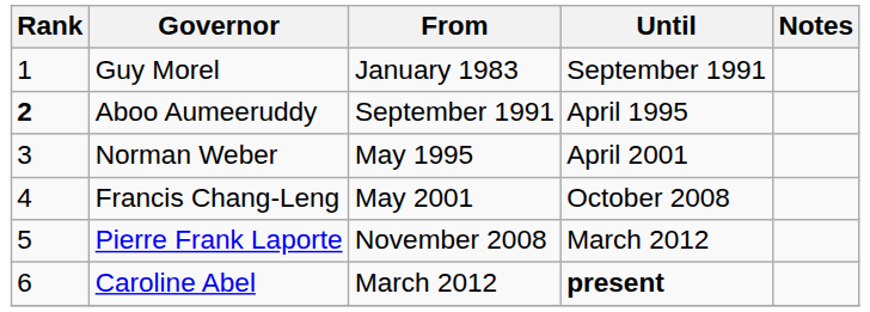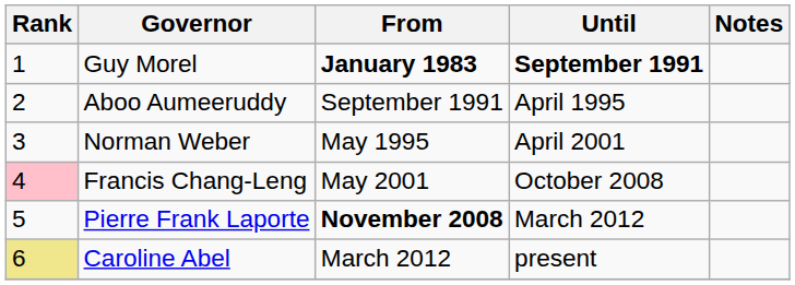 <table class="wikitable sortable" style="margin: 0.5em auto">
 <tr>
 <th>Rank</th>
 <th>Governor</th>
 <th>From</th>
 <th>Until</th>
 <th>Notes</th>
 </tr>
 <tr>
 <td>1</td>
 <td>Guy Morel</td>
-<td>January 1983</td>
-<td>September 1991</td>
+<td><strong>January 1983</strong></td>
+<td><strong>September 1991</strong></td>
 <td></td>
 </tr>
 <tr>
-<td><strong>2</strong></td>
+<td>2</td>
 <td>Aboo Aumeeruddy</td>
 <td>September 1991</td>
 <td>April 1995</td>
 <td></td>
 </tr>
 <tr>
 <td>3</td>
 <td>Norman Weber</td>
 <td>May 1995</td>
 <td>April 2001</td>
 <td></td>
 </tr>
 <tr>
-<td>4</td>
+<td style="background: pink;">4</td>
 <td>Francis Chang-Leng</td>
 <td>May 2001</td>
 <td>October 2008</td>
 <td></td>
 </tr>
 <tr>
 <td>5</td>
 <td><a href='#'>Pierre Frank Laporte</a></td>
-<td>November 2008</td>
+<td><strong>November 2008</strong></td>
 <td>March 2012</td>
 <td></td>
 </tr>
 <tr>
-<td>6</td>
+<td style="background: khaki;">6</td>
 <td><a href='#'>Caroline Abel</a></td>
 <td>March 2012</td>
-<td><strong>present</strong></td>
+<td>present</td>
 <td></td>
 </tr>
 <tr>
 </tr>
 </table>
